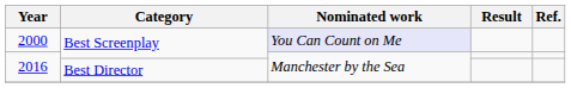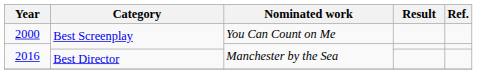 <table class=wikitable>
 <tr>
 <th scope="col" style="width:5em;">Year</th>
 <th scope="col" style="width:26em;">Category</th>
 <th scope="col" style="width:25em;">Nominated work</th>
 <th scope="col" style="width:5em;">Result</th>
 <th>Ref.</th>
 </tr>
 <tr>
 <td style="text-align:center;"><a href='#'>2000</a></td>
 <td rowspan=2><a href='#'>Best Screenplay</a></td>
-<td style="background: lavender;"><em>You Can Count on Me</em></td>
+<td><em>You Can Count on Me</em></td>
 <td></td>
 <td style="text-align:center;"></td>
 </tr>
 <tr>
 <td style="text-align:center;", rowspan=2><a href='#'>2016</a></td>
 <td rowspan=2><em>Manchester by the Sea</em></td>
 <td></td>
 <td style="text-align:center;"></td>
 </tr>
 <tr>
 <td><a href='#'>Best Director</a></td>
 <td></td>
 <td style="text-align:center;"></td>
 </tr>
 <tr>
 </tr>
 </table>
